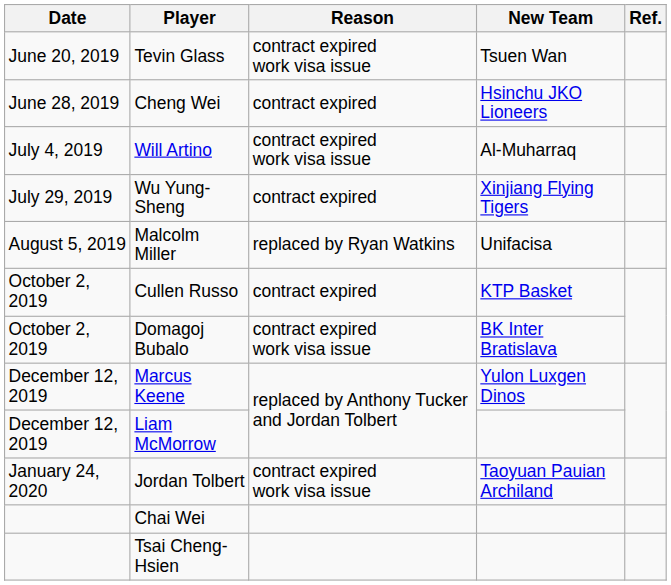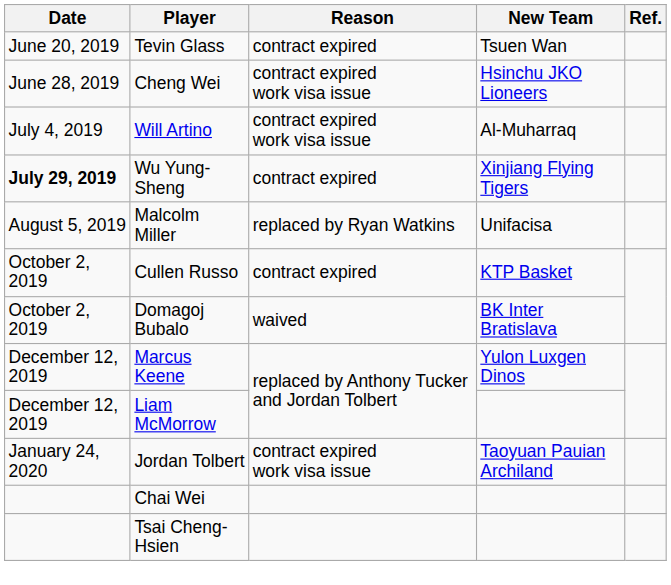 <table class="wikitable">
 <tr>
 <th>Date</th>
 <th>Player</th>
 <th>Reason</th>
 <th>New Team</th>
 <th>Ref.</th>
 </tr>
 <tr>
 <td>June 20, 2019</td>
 <td>Tevin Glass</td>
-<td>contract expired<br>work visa issue</td>
+<td>contract expired</td>
 <td>Tsuen Wan</td>
 <td></td>
 </tr>
 <tr>
 <td>June 28, 2019</td>
 <td>Cheng Wei</td>
-<td>contract expired</td>
+<td>contract expired<br>work visa issue</td>
 <td><a href='#'>Hsinchu JKO Lioneers</a></td>
 <td></td>
 </tr>
 <tr>
 <td>July 4, 2019</td>
 <td><a href='#'>Will Artino</a></td>
 <td>contract expired<br>work visa issue</td>
 <td>Al-Muharraq</td>
 <td></td>
 </tr>
 <tr>
-<td>July 29, 2019</td>
+<td><strong>July 29, 2019</strong></td>
 <td>Wu Yung-Sheng</td>
 <td>contract expired</td>
 <td><a href='#'>Xinjiang Flying Tigers</a></td>
 <td></td>
 </tr>
 <tr>
 <td>August 5, 2019</td>
 <td>Malcolm Miller</td>
 <td>replaced by Ryan Watkins</td>
 <td>Unifacisa</td>
 <td></td>
 </tr>
 <tr>
 <td>October 2, 2019</td>
 <td>Cullen Russo</td>
 <td>contract expired</td>
 <td><a href='#'>KTP Basket</a></td>
 <td rowspan=2></td>
 </tr>
 <tr>
 <td>October 2, 2019</td>
 <td>Domagoj Bubalo</td>
-<td>contract expired<br>work visa issue</td>
+<td>waived</td>
 <td><a href='#'>BK Inter Bratislava</a></td>
 </tr>
 <tr>
 <td>December 12, 2019</td>
 <td><a href='#'>Marcus Keene</a></td>
 <td rowspan=2>replaced by Anthony Tucker and Jordan Tolbert</td>
 <td><a href='#'>Yulon Luxgen Dinos</a></td>
 <td rowspan=2></td>
 </tr>
 <tr>
 <td>December 12, 2019</td>
 <td><a href='#'>Liam McMorrow</a></td>
 <td></td>
 </tr>
 <tr>
 <td>January 24, 2020</td>
 <td>Jordan Tolbert</td>
 <td>contract expired<br>work visa issue</td>
 <td><a href='#'>Taoyuan Pauian Archiland</a></td>
 <td></td>
 </tr>
 <tr>
 <td></td>
 <td>Chai Wei</td>
 <td></td>
 <td></td>
 <td></td>
 </tr>
 <tr>
 <td></td>
 <td>Tsai Cheng-Hsien</td>
 <td></td>
 <td></td>
 <td></td>
 </tr>
 </table>
